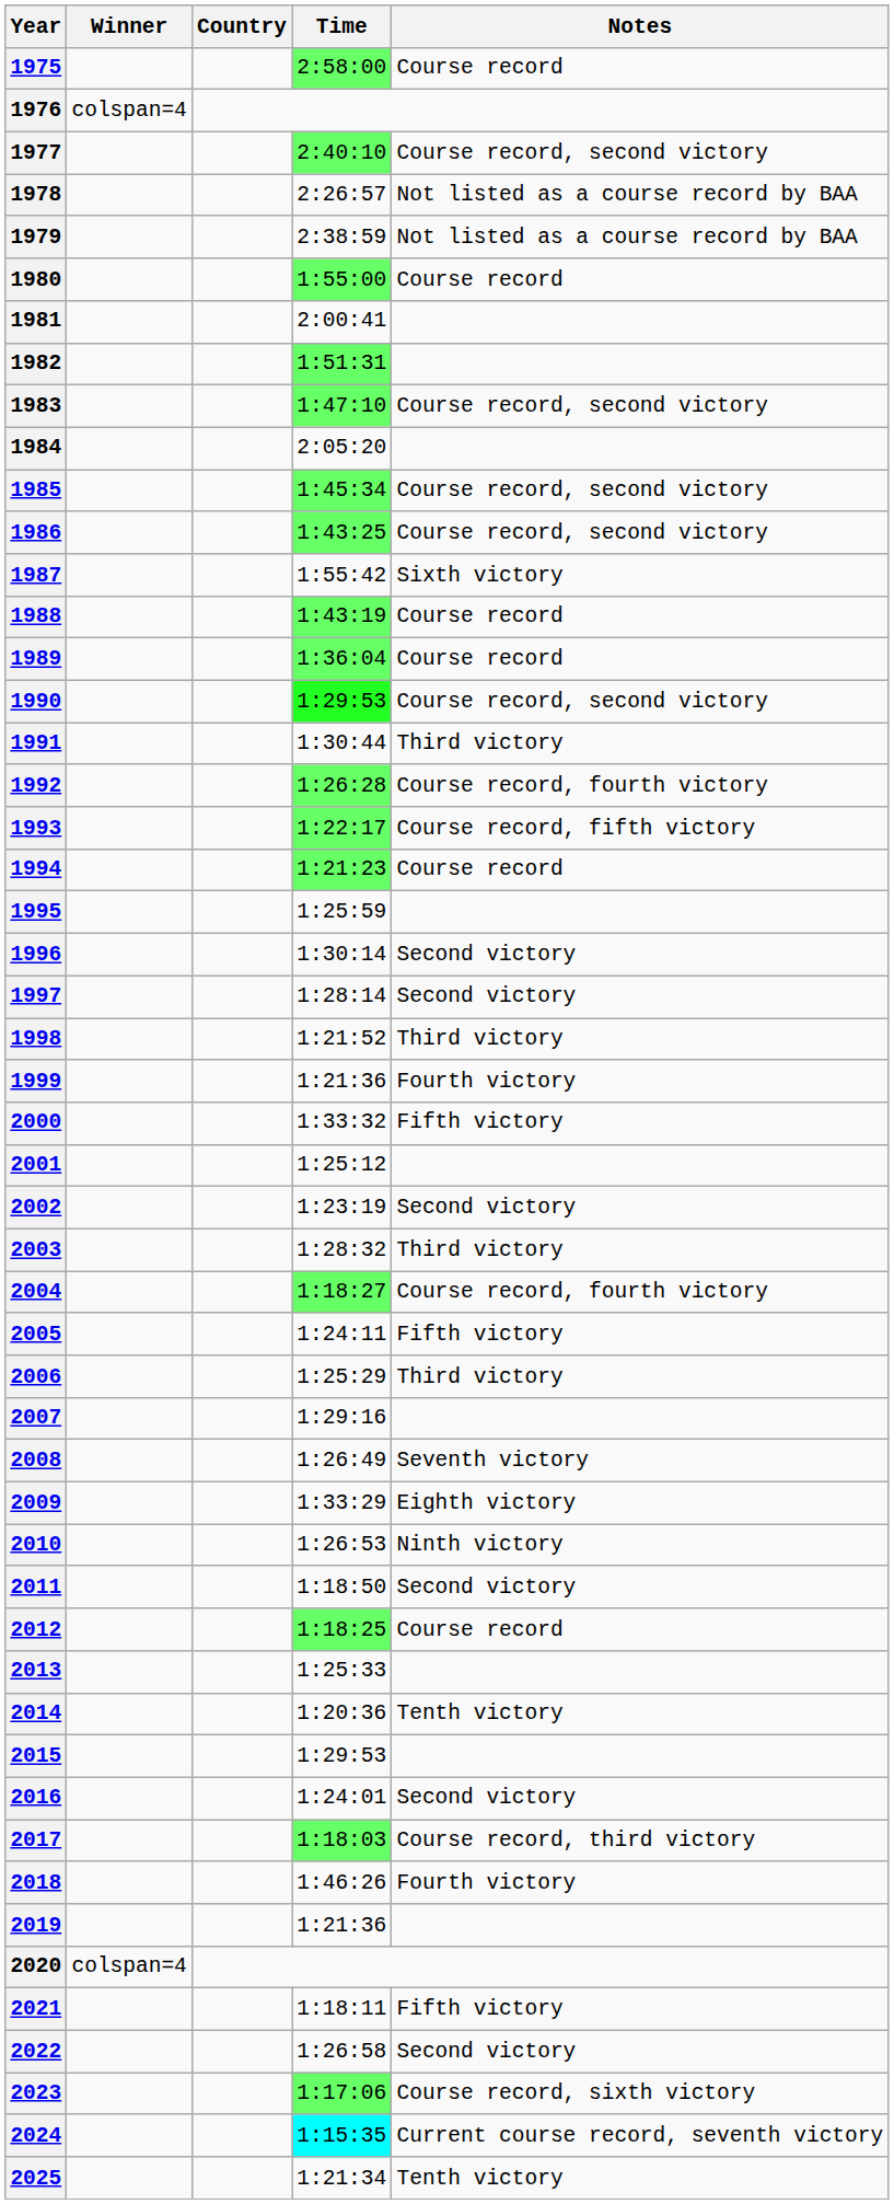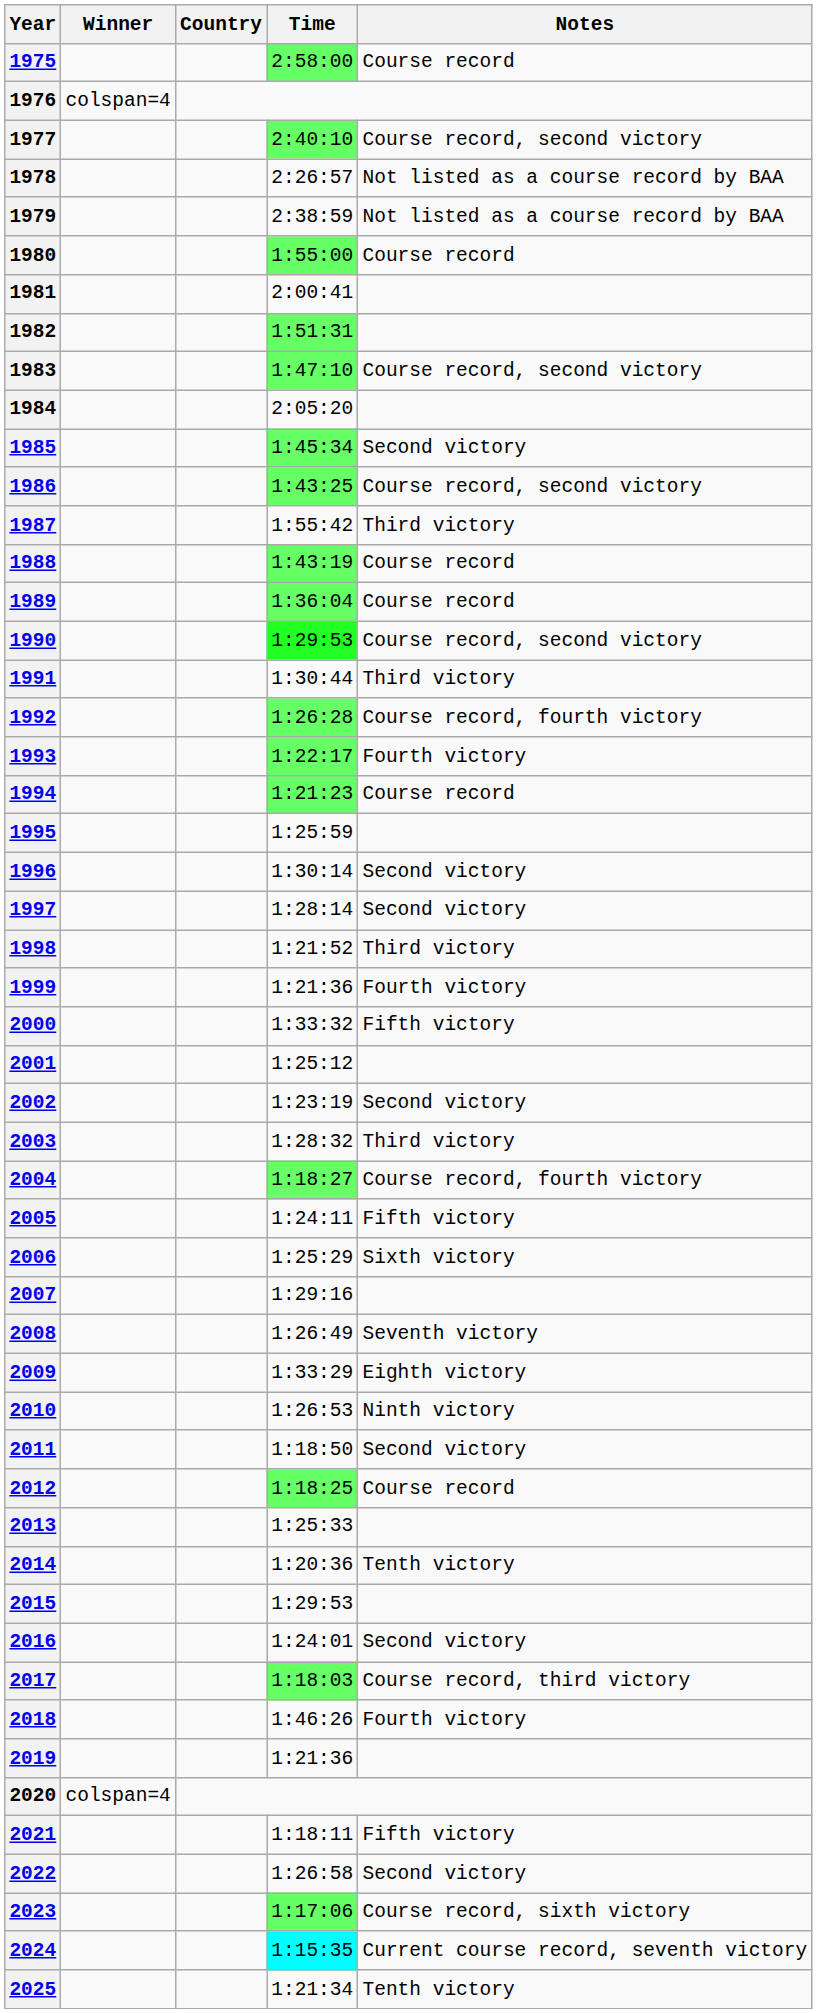 <table class="wikitable sortable" style="font-size:1.00em; line-height:1.5em;">
 <tr>
 <th scope="col">Year</th>
 <th scope="col">Winner</th>
 <th scope="col">Country</th>
 <th scope="col" data-sort-type="time">Time</th>
 <th scope="col" class="unsortable">Notes</th>
 </tr>
 <tr>
 <th scope="row"><a href='#'>1975</a></th>
 <td></td>
 <td></td>
 <td style="background-color:#66ff66">2:58:00</td>
 <td>Course record</td>
 </tr>
 <tr>
 <th scope="row">1976</th>
 <td>colspan=4 </td>
 </tr>
 <tr>
 <th scope="row">1977</th>
 <td></td>
 <td></td>
 <td style="background-color:#66ff66">2:40:10</td>
 <td>Course record, second victory</td>
 </tr>
 <tr>
 <th scope="row">1978</th>
 <td></td>
 <td></td>
 <td>2:26:57</td>
 <td>Not listed as a course record by BAA</td>
 </tr>
 <tr>
 <th scope="row">1979</th>
 <td></td>
 <td></td>
 <td>2:38:59</td>
 <td>Not listed as a course record by BAA</td>
 </tr>
 <tr>
 <th scope="row">1980</th>
 <td></td>
 <td></td>
 <td style="background-color:#66ff66">1:55:00</td>
 <td>Course record</td>
 </tr>
 <tr>
 <th scope="row">1981</th>
 <td></td>
 <td></td>
 <td>2:00:41</td>
 <td></td>
 </tr>
 <tr>
 <th scope="row">1982</th>
 <td></td>
 <td></td>
 <td style="background-color:#66ff66">1:51:31</td>
 <td></td>
 </tr>
 <tr>
 <th scope="row">1983</th>
 <td></td>
 <td></td>
 <td style="background-color:#66ff66">1:47:10</td>
 <td>Course record, second victory</td>
 </tr>
 <tr>
 <th scope="row">1984</th>
 <td></td>
 <td></td>
 <td>2:05:20</td>
 <td></td>
 </tr>
 <tr>
 <th scope="row"><a href='#'>1985</a></th>
 <td></td>
 <td></td>
 <td style="background-color:#66ff66">1:45:34</td>
-<td>Course record, second victory</td>
+<td>Second victory</td>
 </tr>
 <tr>
 <th scope="row"><a href='#'>1986</a></th>
 <td></td>
 <td></td>
 <td style="background-color:#66ff66">1:43:25</td>
 <td>Course record, second victory</td>
 </tr>
 <tr>
 <th scope="row"><a href='#'>1987</a></th>
 <td></td>
 <td></td>
 <td>1:55:42</td>
-<td>Sixth victory</td>
+<td>Third victory</td>
 </tr>
 <tr>
 <th scope="row"><a href='#'>1988</a></th>
 <td></td>
 <td></td>
 <td style="background-color:#66ff66">1:43:19</td>
 <td>Course record</td>
 </tr>
 <tr>
 <th scope="row"><a href='#'>1989</a></th>
 <td></td>
 <td></td>
 <td style="background-color:#66ff66">1:36:04</td>
 <td>Course record</td>
 </tr>
 <tr>
 <th scope="row"><a href='#'>1990</a></th>
 <td></td>
 <td></td>
 <td style="background-color:#22ff22">1:29:53</td>
 <td>Course record, second victory</td>
 </tr>
 <tr>
 <th scope="row"><a href='#'>1991</a></th>
 <td></td>
 <td></td>
 <td>1:30:44</td>
 <td>Third victory</td>
 </tr>
 <tr>
 <th scope="row"><a href='#'>1992</a></th>
 <td></td>
 <td></td>
 <td style="background-color:#66ff66">1:26:28</td>
 <td>Course record, fourth victory</td>
 </tr>
 <tr>
 <th scope="row"><a href='#'>1993</a></th>
 <td></td>
 <td></td>
 <td style="background-color:#66ff66">1:22:17</td>
-<td>Course record, fifth victory</td>
+<td>Fourth victory</td>
 </tr>
 <tr>
 <th scope="row"><a href='#'>1994</a></th>
 <td></td>
 <td></td>
 <td style="background-color:#66ff66">1:21:23</td>
 <td>Course record</td>
 </tr>
 <tr>
 <th scope="row"><a href='#'>1995</a></th>
 <td></td>
 <td></td>
 <td>1:25:59</td>
 <td></td>
 </tr>
 <tr>
 <th scope="row"><a href='#'>1996</a></th>
 <td></td>
 <td></td>
 <td>1:30:14</td>
 <td>Second victory</td>
 </tr>
 <tr>
 <th scope="row"><a href='#'>1997</a></th>
 <td></td>
 <td></td>
 <td>1:28:14</td>
 <td>Second victory</td>
 </tr>
 <tr>
 <th scope="row"><a href='#'>1998</a></th>
 <td></td>
 <td></td>
 <td>1:21:52</td>
 <td>Third victory</td>
 </tr>
 <tr>
 <th scope="row"><a href='#'>1999</a></th>
 <td></td>
 <td></td>
 <td>1:21:36</td>
 <td>Fourth victory</td>
 </tr>
 <tr>
 <th scope="row"><a href='#'>2000</a></th>
 <td></td>
 <td></td>
 <td>1:33:32</td>
 <td>Fifth victory</td>
 </tr>
 <tr>
 <th scope="row"><a href='#'>2001</a></th>
 <td></td>
 <td></td>
 <td>1:25:12</td>
 <td></td>
 </tr>
 <tr>
 <th scope="row"><a href='#'>2002</a></th>
 <td></td>
 <td></td>
 <td>1:23:19</td>
 <td>Second victory</td>
 </tr>
 <tr>
 <th scope="row"><a href='#'>2003</a></th>
 <td></td>
 <td></td>
 <td>1:28:32</td>
 <td>Third victory</td>
 </tr>
 <tr>
 <th scope="row"><a href='#'>2004</a></th>
 <td></td>
 <td></td>
 <td style="background-color:#66ff66">1:18:27</td>
 <td>Course record, fourth victory</td>
 </tr>
 <tr>
 <th scope="row"><a href='#'>2005</a></th>
 <td></td>
 <td></td>
 <td>1:24:11</td>
 <td>Fifth victory</td>
 </tr>
 <tr>
 <th scope="row"><a href='#'>2006</a></th>
 <td></td>
 <td></td>
 <td>1:25:29</td>
-<td>Third victory</td>
+<td>Sixth victory</td>
 </tr>
 <tr>
 <th scope="row"><a href='#'>2007</a></th>
 <td></td>
 <td></td>
 <td>1:29:16</td>
 <td></td>
 </tr>
 <tr>
 <th scope="row"><a href='#'>2008</a></th>
 <td></td>
 <td></td>
 <td>1:26:49</td>
 <td>Seventh victory</td>
 </tr>
 <tr>
 <th scope="row"><a href='#'>2009</a></th>
 <td></td>
 <td></td>
 <td>1:33:29</td>
 <td>Eighth victory</td>
 </tr>
 <tr>
 <th scope="row"><a href='#'>2010</a></th>
 <td></td>
 <td></td>
 <td>1:26:53</td>
 <td>Ninth victory</td>
 </tr>
 <tr>
 <th scope="row"><a href='#'>2011</a></th>
 <td></td>
 <td></td>
 <td>1:18:50</td>
 <td>Second victory</td>
 </tr>
 <tr>
 <th scope="row"><a href='#'>2012</a></th>
 <td></td>
 <td></td>
 <td style="background-color:#66ff66">1:18:25</td>
 <td>Course record</td>
 </tr>
 <tr>
 <th scope="row"><a href='#'>2013</a></th>
 <td></td>
 <td></td>
 <td>1:25:33</td>
 <td></td>
 </tr>
 <tr>
 <th scope="row"><a href='#'>2014</a></th>
 <td></td>
 <td></td>
 <td>1:20:36</td>
 <td>Tenth victory</td>
 </tr>
 <tr>
 <th scope="row"><a href='#'>2015</a></th>
 <td></td>
 <td></td>
 <td>1:29:53</td>
 <td></td>
 </tr>
 <tr>
 <th scope="row"><a href='#'>2016</a></th>
 <td></td>
 <td></td>
 <td>1:24:01</td>
 <td>Second victory</td>
 </tr>
 <tr>
 <th scope="row"><a href='#'>2017</a></th>
 <td></td>
 <td></td>
 <td style="background-color:#66ff66">1:18:03</td>
 <td>Course record, third victory</td>
 </tr>
 <tr>
 <th scope="row"><a href='#'>2018</a></th>
 <td></td>
 <td></td>
 <td>1:46:26</td>
 <td>Fourth victory</td>
 </tr>
 <tr>
 <th scope="row"><a href='#'>2019</a></th>
 <td></td>
 <td></td>
 <td>1:21:36</td>
 <td></td>
 </tr>
 <tr>
 <th scope="row">2020</th>
 <td>colspan=4 </td>
 </tr>
 <tr>
 <th scope="row"><a href='#'>2021</a></th>
 <td></td>
 <td></td>
 <td>1:18:11</td>
 <td>Fifth victory</td>
 </tr>
 <tr>
 <th scope="row"><a href='#'>2022</a></th>
 <td></td>
 <td></td>
 <td>1:26:58</td>
 <td>Second victory</td>
 </tr>
 <tr>
 <th><a href='#'>2023</a></th>
 <td></td>
 <td></td>
 <td style="background-color:#66ff66">1:17:06</td>
 <td>Course record, sixth victory</td>
 </tr>
 <tr>
 <th><a href='#'>2024</a></th>
 <td></td>
 <td></td>
 <td style="background-color:#00ffff">1:15:35</td>
 <td>Current course record, seventh victory</td>
 </tr>
 <tr>
 <th><a href='#'>2025</a></th>
 <td></td>
 <td></td>
 <td>1:21:34</td>
 <td>Tenth victory</td>
 </tr>
 </table>
